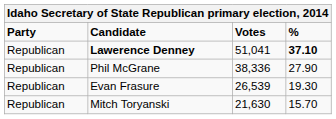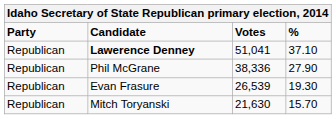 <table class="wikitable">
 <tr>
 <th colspan="4">Idaho Secretary of State Republican primary election, 2014</th>
 </tr>
 <tr>
 <td><strong>Party</strong></td>
 <td><strong>Candidate</strong></td>
 <td><strong>Votes</strong></td>
 <td><strong>%</strong></td>
 </tr>
 <tr>
 <td>Republican</td>
 <td><strong>Lawerence Denney</strong></td>
 <td>51,041</td>
-<td><strong>37.10</strong></td>
+<td>37.10</td>
 </tr>
 <tr>
 <td>Republican</td>
 <td>Phil McGrane</td>
 <td>38,336</td>
 <td>27.90</td>
 </tr>
 <tr>
 <td>Republican</td>
 <td>Evan Frasure</td>
 <td>26,539</td>
 <td>19.30</td>
 </tr>
 <tr>
 <td>Republican</td>
 <td>Mitch Toryanski</td>
 <td>21,630</td>
 <td>15.70</td>
 </tr>
 </table>
